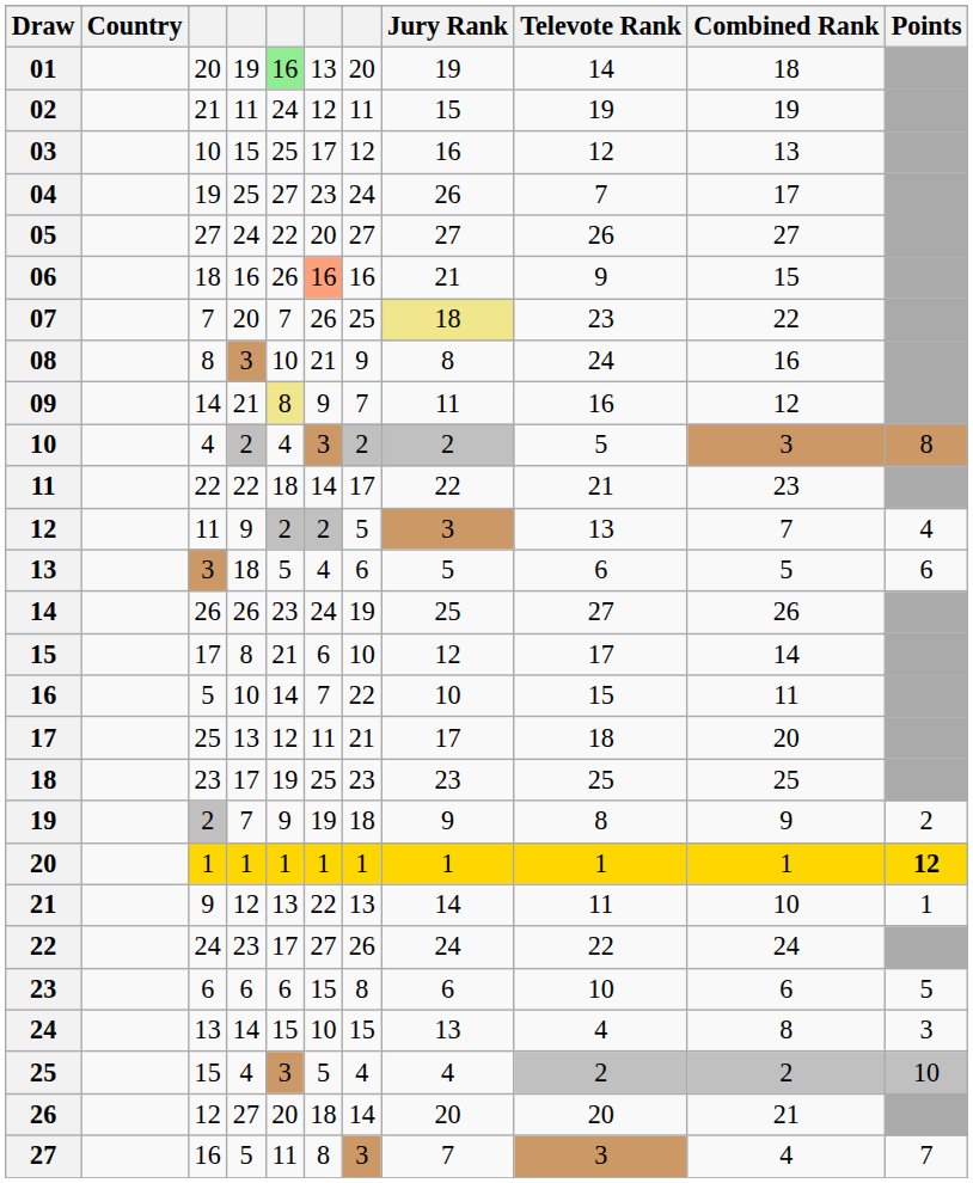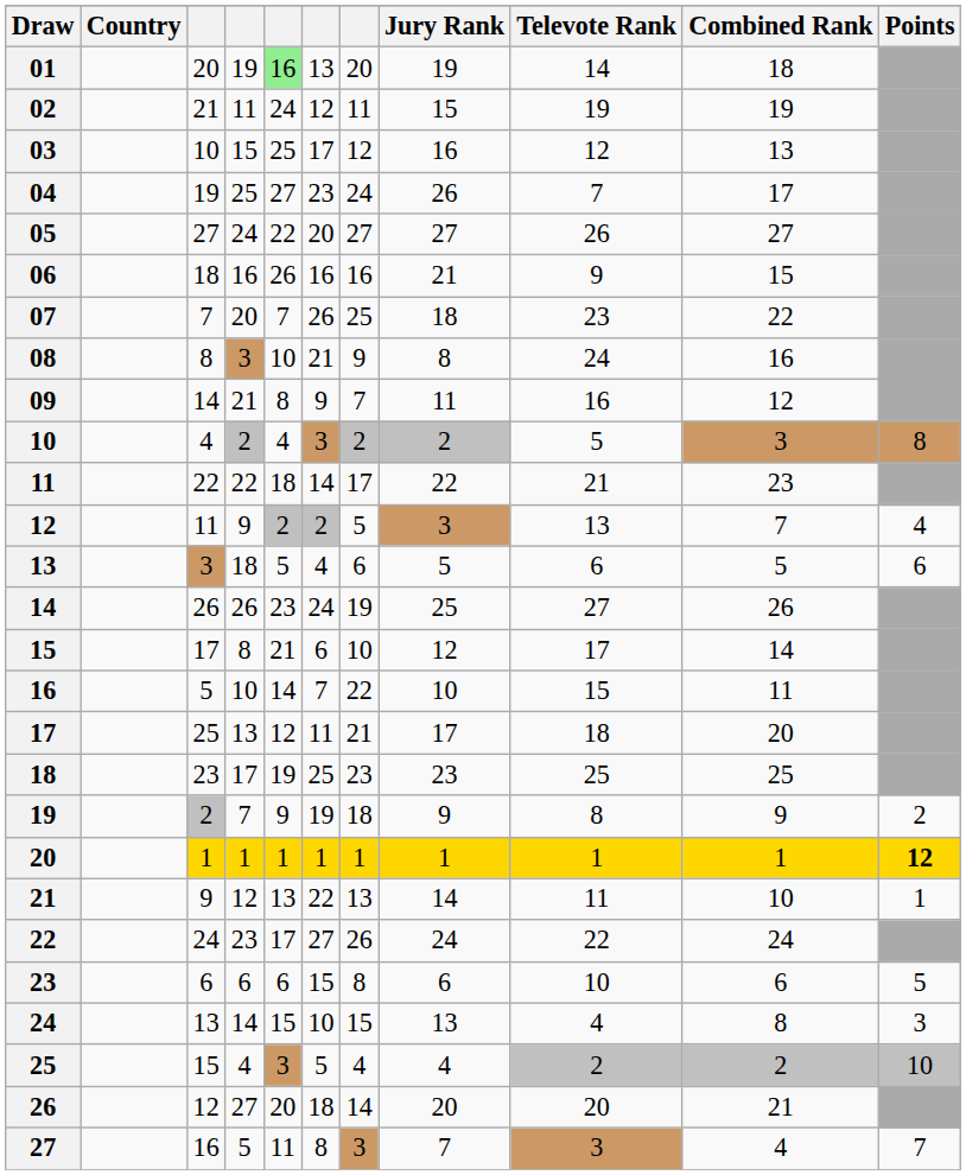 <table class="sortable wikitable collapsible plainrowheaders" style="text-align:center;">
 <tr>
 </tr>
 <tr>
 <th scope="col">Draw</th>
 <th scope="col">Country</th>
 <th scope="col"><small></small></th>
 <th scope="col"><small></small></th>
 <th scope="col"><small></small></th>
 <th scope="col"><small></small></th>
 <th scope="col"><small></small></th>
 <th scope="col">Jury Rank</th>
 <th scope="col">Televote Rank</th>
 <th scope="col">Combined Rank</th>
 <th scope="col">Points</th>
 </tr>
 <tr>
 <th scope="row" style="text-align:center;">01</th>
 <td style="text-align:left;"></td>
 <td>20</td>
 <td>19</td>
 <td style="background: lightgreen;">16</td>
 <td>13</td>
 <td>20</td>
 <td>19</td>
 <td>14</td>
 <td>18</td>
 <td style="background:#AAAAAA;"></td>
 </tr>
 <tr>
 <th scope="row" style="text-align:center;">02</th>
 <td style="text-align:left;"></td>
 <td>21</td>
 <td>11</td>
 <td>24</td>
 <td>12</td>
 <td>11</td>
 <td>15</td>
 <td>19</td>
 <td>19</td>
 <td style="background:#AAAAAA;"></td>
 </tr>
 <tr>
 <th scope="row" style="text-align:center;">03</th>
 <td style="text-align:left;"></td>
 <td>10</td>
 <td>15</td>
 <td>25</td>
 <td>17</td>
 <td>12</td>
 <td>16</td>
 <td>12</td>
 <td>13</td>
 <td style="background:#AAAAAA;"></td>
 </tr>
 <tr>
 <th scope="row" style="text-align:center;">04</th>
 <td style="text-align:left;"></td>
 <td>19</td>
 <td>25</td>
 <td>27</td>
 <td>23</td>
 <td>24</td>
 <td>26</td>
 <td>7</td>
 <td>17</td>
 <td style="background:#AAAAAA;"></td>
 </tr>
 <tr>
 <th scope="row" style="text-align:center;">05</th>
 <td style="text-align:left;"></td>
 <td>27</td>
 <td>24</td>
 <td>22</td>
 <td>20</td>
 <td>27</td>
 <td>27</td>
 <td>26</td>
 <td>27</td>
 <td style="background:#AAAAAA;"></td>
 </tr>
 <tr>
 <th scope="row" style="text-align:center;">06</th>
 <td style="text-align:left;"></td>
 <td>18</td>
 <td>16</td>
 <td>26</td>
-<td style="background: lightsalmon;">16</td>
+<td>16</td>
 <td>16</td>
 <td>21</td>
 <td>9</td>
 <td>15</td>
 <td style="background:#AAAAAA;"></td>
 </tr>
 <tr>
 <th scope="row" style="text-align:center;">07</th>
 <td style="text-align:left;"></td>
 <td>7</td>
 <td>20</td>
 <td>7</td>
 <td>26</td>
 <td>25</td>
-<td style="background: khaki;">18</td>
+<td>18</td>
 <td>23</td>
 <td>22</td>
 <td style="background:#AAAAAA;"></td>
 </tr>
 <tr>
 <th scope="row" style="text-align:center;">08</th>
 <td style="text-align:left;"></td>
 <td>8</td>
 <td style="background:#CC9966;">3</td>
 <td>10</td>
 <td>21</td>
 <td>9</td>
 <td>8</td>
 <td>24</td>
 <td>16</td>
 <td style="background:#AAAAAA;"></td>
 </tr>
 <tr>
 <th scope="row" style="text-align:center;">09</th>
 <td style="text-align:left;"></td>
 <td>14</td>
 <td>21</td>
-<td style="background: khaki;">8</td>
+<td>8</td>
 <td>9</td>
 <td>7</td>
 <td>11</td>
 <td>16</td>
 <td>12</td>
 <td style="background:#AAAAAA;"></td>
 </tr>
 <tr>
 <th scope="row" style="text-align:center;">10</th>
 <td style="text-align:left;"></td>
 <td>4</td>
 <td style="background:silver;">2</td>
 <td>4</td>
 <td style="background:#CC9966;">3</td>
 <td style="background:silver;">2</td>
 <td style="background:silver;">2</td>
 <td>5</td>
 <td style="background:#CC9966;">3</td>
 <td style="background:#CC9966;">8</td>
 </tr>
 <tr>
 <th scope="row" style="text-align:center;">11</th>
 <td style="text-align:left;"></td>
 <td>22</td>
 <td>22</td>
 <td>18</td>
 <td>14</td>
 <td>17</td>
 <td>22</td>
 <td>21</td>
 <td>23</td>
 <td style="background:#AAAAAA;"></td>
 </tr>
 <tr>
 <th scope="row" style="text-align:center;">12</th>
 <td style="text-align:left;"></td>
 <td>11</td>
 <td>9</td>
 <td style="background:silver;">2</td>
 <td style="background:silver;">2</td>
 <td>5</td>
 <td style="background:#CC9966;">3</td>
 <td>13</td>
 <td>7</td>
 <td>4</td>
 </tr>
 <tr>
 <th scope="row" style="text-align:center;">13</th>
 <td style="text-align:left;"></td>
 <td style="background:#CC9966;">3</td>
 <td>18</td>
 <td>5</td>
 <td>4</td>
 <td>6</td>
 <td>5</td>
 <td>6</td>
 <td>5</td>
 <td>6</td>
 </tr>
 <tr>
 <th scope="row" style="text-align:center;">14</th>
 <td style="text-align:left;"></td>
 <td>26</td>
 <td>26</td>
 <td>23</td>
 <td>24</td>
 <td>19</td>
 <td>25</td>
 <td>27</td>
 <td>26</td>
 <td style="background:#AAAAAA;"></td>
 </tr>
 <tr>
 <th scope="row" style="text-align:center;">15</th>
 <td style="text-align:left;"></td>
 <td>17</td>
 <td>8</td>
 <td>21</td>
 <td>6</td>
 <td>10</td>
 <td>12</td>
 <td>17</td>
 <td>14</td>
 <td style="background:#AAAAAA;"></td>
 </tr>
 <tr>
 <th scope="row" style="text-align:center;">16</th>
 <td style="text-align:left;"></td>
 <td>5</td>
 <td>10</td>
 <td>14</td>
 <td>7</td>
 <td>22</td>
 <td>10</td>
 <td>15</td>
 <td>11</td>
 <td style="background:#AAAAAA;"></td>
 </tr>
 <tr>
 <th scope="row" style="text-align:center;">17</th>
 <td style="text-align:left;"></td>
 <td>25</td>
 <td>13</td>
 <td>12</td>
 <td>11</td>
 <td>21</td>
 <td>17</td>
 <td>18</td>
 <td>20</td>
 <td style="background:#AAAAAA;"></td>
 </tr>
 <tr>
 <th scope="row" style="text-align:center;">18</th>
 <td style="text-align:left;"></td>
 <td>23</td>
 <td>17</td>
 <td>19</td>
 <td>25</td>
 <td>23</td>
 <td>23</td>
 <td>25</td>
 <td>25</td>
 <td style="background:#AAAAAA;"></td>
 </tr>
 <tr>
 <th scope="row" style="text-align:center;">19</th>
 <td style="text-align:left;"></td>
 <td style="background:silver;">2</td>
 <td>7</td>
 <td>9</td>
 <td>19</td>
 <td>18</td>
 <td>9</td>
 <td>8</td>
 <td>9</td>
 <td>2</td>
 </tr>
 <tr>
 <th scope="row" style="text-align:center;">20</th>
 <td style="text-align:left;"></td>
 <td style="background:gold;">1</td>
 <td style="background:gold;">1</td>
 <td style="background:gold;">1</td>
 <td style="background:gold;">1</td>
 <td style="background:gold;">1</td>
 <td style="background:gold;">1</td>
 <td style="background:gold;">1</td>
 <td style="background:gold;">1</td>
 <td style="background:gold;"><strong>12</strong></td>
 </tr>
 <tr>
 <th scope="row" style="text-align:center;">21</th>
 <td style="text-align:left;"></td>
 <td>9</td>
 <td>12</td>
 <td>13</td>
 <td>22</td>
 <td>13</td>
 <td>14</td>
 <td>11</td>
 <td>10</td>
 <td>1</td>
 </tr>
 <tr>
 <th scope="row" style="text-align:center;">22</th>
 <td style="text-align:left;"></td>
 <td>24</td>
 <td>23</td>
 <td>17</td>
 <td>27</td>
 <td>26</td>
 <td>24</td>
 <td>22</td>
 <td>24</td>
 <td style="background:#AAAAAA;"></td>
 </tr>
 <tr>
 <th scope="row" style="text-align:center;">23</th>
 <td style="text-align:left;"></td>
 <td>6</td>
 <td>6</td>
 <td>6</td>
 <td>15</td>
 <td>8</td>
 <td>6</td>
 <td>10</td>
 <td>6</td>
 <td>5</td>
 </tr>
 <tr>
 <th scope="row" style="text-align:center;">24</th>
 <td style="text-align:left;"></td>
 <td>13</td>
 <td>14</td>
 <td>15</td>
 <td>10</td>
 <td>15</td>
 <td>13</td>
 <td>4</td>
 <td>8</td>
 <td>3</td>
 </tr>
 <tr>
 <th scope="row" style="text-align:center;">25</th>
 <td style="text-align:left;"></td>
 <td>15</td>
 <td>4</td>
 <td style="background:#CC9966;">3</td>
 <td>5</td>
 <td>4</td>
 <td>4</td>
 <td style="background:silver;">2</td>
 <td style="background:silver;">2</td>
 <td style="background:silver;">10</td>
 </tr>
 <tr>
 <th scope="row" style="text-align:center;">26</th>
 <td style="text-align:left;"></td>
 <td>12</td>
 <td>27</td>
 <td>20</td>
 <td>18</td>
 <td>14</td>
 <td>20</td>
 <td>20</td>
 <td>21</td>
 <td style="background:#AAAAAA;"></td>
 </tr>
 <tr>
 <th scope="row" style="text-align:center;">27</th>
 <td style="text-align:left;"></td>
 <td>16</td>
 <td>5</td>
 <td>11</td>
 <td>8</td>
 <td style="background:#CC9966;">3</td>
 <td>7</td>
 <td style="background:#CC9966;">3</td>
 <td>4</td>
 <td>7</td>
 </tr>
 </table>
